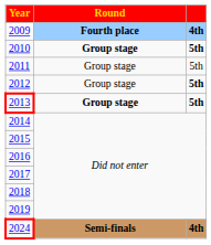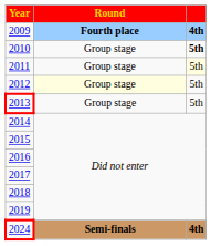 <table class="wikitable" style="text-align: center; font-size:90%">
 <tr style="color:gold;">
 <th style="background:#FF0000;">Year</th>
 <th style="background:#FF0000; width:200px">Round</th>
 <th style="background:#FF0000;"></th>
 </tr>
 <tr>
 <td><a href='#'>2009</a></td>
 <td bgcolor="9acdff"><strong>Fourth place</strong></td>
 <td bgcolor="9acdff"><strong>4th</strong></td>
 </tr>
 <tr>
 <td><a href='#'>2010</a></td>
-<td><strong>Group stage</strong></td>
+<td>Group stage</td>
 <td><strong>5th</strong></td>
 </tr>
 <tr>
 <td><a href='#'>2011</a></td>
 <td>Group stage</td>
+<td style="background: lightyellow;">5th</td>
+</tr>
+<tr>
+<td><a href='#'>2012</a></td>
+<td style="background: lightyellow;">Group stage</td>
 <td>5th</td>
 </tr>
 <tr>
-<td><a href='#'>2012</a></td>
+<td style="border: 3px solid red"><a href='#'>2013</a></td>
 <td>Group stage</td>
-<td><strong>5th</strong></td>
-</tr>
-<tr>
-<td style="border: 3px solid red"><a href='#'>2013</a></td>
-<td><strong>Group stage</strong></td>
-<td><strong>5th</strong></td>
+<td>5th</td>
 </tr>
 <tr>
 <td><a href='#'>2014</a></td>
 <td colspan="2" rowspan="6"><em>Did not enter</em></td>
 </tr>
 <tr>
 <td><a href='#'>2015</a></td>
 </tr>
 <tr>
 <td><a href='#'>2016</a></td>
 </tr>
 <tr>
 <td><a href='#'>2017</a></td>
 </tr>
 <tr>
 <td><a href='#'>2018</a></td>
 </tr>
 <tr>
 <td><a href='#'>2019</a></td>
 </tr>
 <tr>
 <td style="border: 3px solid red"><a href='#'>2024</a></td>
 <td bgcolor="cc9966"><strong>Semi-finals</strong></td>
 <td bgcolor="cc9966"><strong>4th</strong></td>
 </tr>
 </table>
